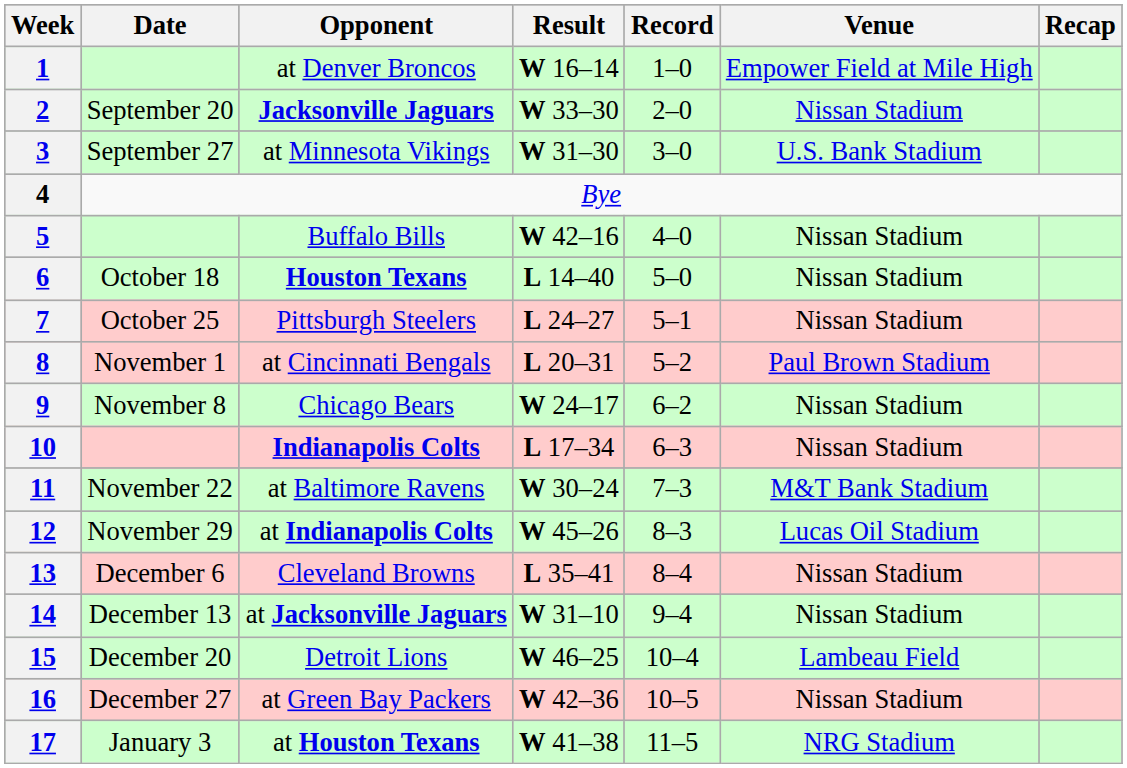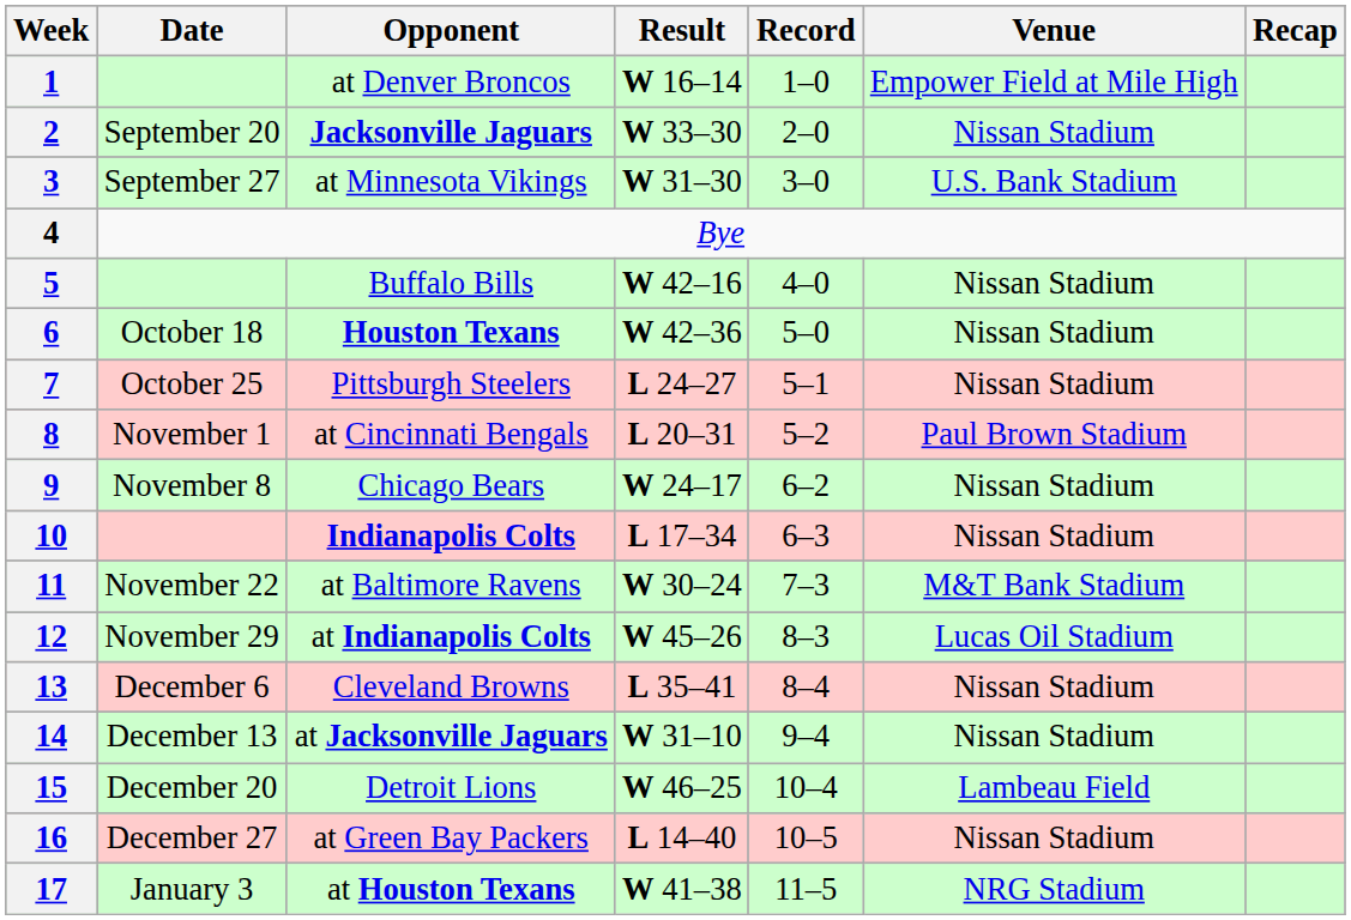 <table class="wikitable" style="text-align:center">
 <tr>
 <th>Week</th>
 <th>Date</th>
 <th>Opponent</th>
 <th>Result</th>
 <th>Record</th>
 <th>Venue</th>
 <th>Recap</th>
 </tr>
 <tr style="background:#cfc">
 <th><a href='#'>1</a></th>
 <td></td>
 <td>at <a href='#'>Denver Broncos</a></td>
 <td><strong>W</strong> 16–14</td>
 <td>1–0</td>
 <td><a href='#'>Empower Field at Mile High</a></td>
 <td></td>
 </tr>
 <tr style="background:#cfc">
 <th><a href='#'>2</a></th>
 <td>September 20</td>
 <td><strong><a href='#'>Jacksonville Jaguars</a></strong></td>
 <td><strong>W</strong> 33–30</td>
 <td>2–0</td>
 <td><a href='#'>Nissan Stadium</a></td>
 <td></td>
 </tr>
 <tr style="background:#cfc">
 <th><a href='#'>3</a></th>
 <td>September 27</td>
 <td>at <a href='#'>Minnesota Vikings</a></td>
 <td><strong>W</strong> 31–30</td>
 <td>3–0</td>
 <td><a href='#'>U.S. Bank Stadium</a></td>
 <td></td>
 </tr>
 <tr>
 <th>4</th>
 <td colspan="6"><em><a href='#'>Bye</a></em></td>
 </tr>
 <tr style="background:#cfc">
 <th><a href='#'>5</a></th>
 <td></td>
 <td><a href='#'>Buffalo Bills</a></td>
 <td><strong>W</strong> 42–16</td>
 <td>4–0</td>
 <td>Nissan Stadium</td>
 <td></td>
 </tr>
 <tr style="background:#cfc">
 <th><a href='#'>6</a></th>
 <td>October 18</td>
 <td><strong><a href='#'>Houston Texans</a></strong></td>
-<td><strong>L</strong> 14–40</td>
+<td><strong>W</strong> 42–36 </td>
 <td>5–0</td>
 <td>Nissan Stadium</td>
 <td></td>
 </tr>
 <tr style="background:#fcc">
 <th><a href='#'>7</a></th>
 <td>October 25</td>
 <td><a href='#'>Pittsburgh Steelers</a></td>
 <td><strong>L</strong> 24–27</td>
 <td>5–1</td>
 <td>Nissan Stadium</td>
 <td></td>
 </tr>
 <tr style="background:#fcc">
 <th><a href='#'>8</a></th>
 <td>November 1</td>
 <td>at <a href='#'>Cincinnati Bengals</a></td>
 <td><strong>L</strong> 20–31</td>
 <td>5–2</td>
 <td><a href='#'>Paul Brown Stadium</a></td>
 <td></td>
 </tr>
 <tr style="background:#cfc">
 <th><a href='#'>9</a></th>
 <td>November 8</td>
 <td><a href='#'>Chicago Bears</a></td>
 <td><strong>W</strong> 24–17</td>
 <td>6–2</td>
 <td>Nissan Stadium</td>
 <td></td>
 </tr>
 <tr style="background:#fcc">
 <th><a href='#'>10</a></th>
 <td></td>
 <td><strong><a href='#'>Indianapolis Colts</a></strong></td>
 <td><strong>L</strong> 17–34</td>
 <td>6–3</td>
 <td>Nissan Stadium</td>
 <td></td>
 </tr>
 <tr style="background:#cfc">
 <th><a href='#'>11</a></th>
 <td>November 22</td>
 <td>at <a href='#'>Baltimore Ravens</a></td>
 <td><strong>W</strong> 30–24 </td>
 <td>7–3</td>
 <td><a href='#'>M&T Bank Stadium</a></td>
 <td></td>
 </tr>
 <tr style="background:#cfc">
 <th><a href='#'>12</a></th>
 <td>November 29</td>
 <td>at <strong><a href='#'>Indianapolis Colts</a></strong></td>
 <td><strong>W</strong> 45–26</td>
 <td>8–3</td>
 <td><a href='#'>Lucas Oil Stadium</a></td>
 <td></td>
 </tr>
 <tr style="background:#fcc">
 <th><a href='#'>13</a></th>
 <td>December 6</td>
 <td><a href='#'>Cleveland Browns</a></td>
 <td><strong>L</strong> 35–41</td>
 <td>8–4</td>
 <td>Nissan Stadium</td>
 <td></td>
 </tr>
 <tr style="background:#cfc">
 <th><a href='#'>14</a></th>
 <td>December 13</td>
 <td>at <strong><a href='#'>Jacksonville Jaguars</a></strong></td>
 <td><strong>W</strong> 31–10</td>
 <td>9–4</td>
 <td>Nissan Stadium</td>
 <td></td>
 </tr>
 <tr style="background:#cfc">
 <th><a href='#'>15</a></th>
 <td>December 20</td>
 <td><a href='#'>Detroit Lions</a></td>
 <td><strong>W</strong> 46–25</td>
 <td>10–4</td>
 <td><a href='#'>Lambeau Field</a></td>
 <td></td>
 </tr>
 <tr style="background:#fcc">
 <th><a href='#'>16</a></th>
 <td>December 27</td>
 <td>at <a href='#'>Green Bay Packers</a></td>
-<td><strong>W</strong> 42–36 </td>
+<td><strong>L</strong> 14–40</td>
 <td>10–5</td>
 <td>Nissan Stadium</td>
 <td></td>
 </tr>
 <tr style="background:#cfc">
 <th><a href='#'>17</a></th>
 <td>January 3</td>
 <td>at <strong><a href='#'>Houston Texans</a></strong></td>
 <td><strong>W</strong> 41–38</td>
 <td>11–5</td>
 <td><a href='#'>NRG Stadium</a></td>
 <td></td>
 </tr>
 </table>
